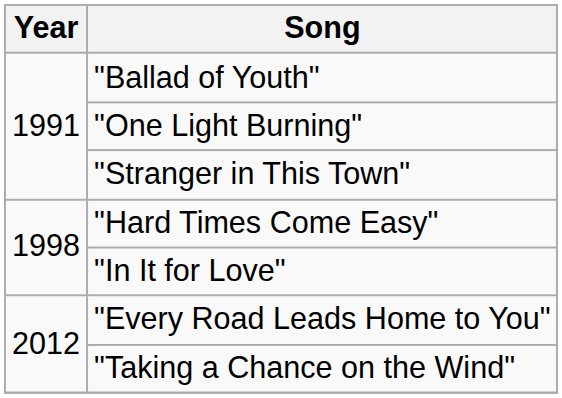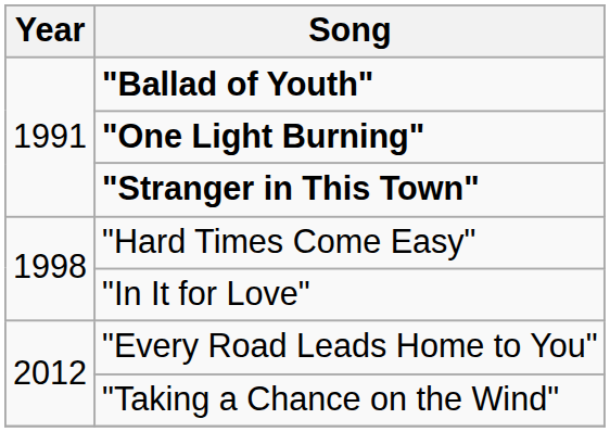 <table class="wikitable">
 <tr>
 <th>Year</th>
 <th>Song</th>
 </tr>
 <tr>
 <td rowspan="3">1991</td>
-<td>"Ballad of Youth"</td>
+<td><strong>"Ballad of Youth"</strong></td>
 </tr>
 <tr>
-<td>"One Light Burning"</td>
+<td><strong>"One Light Burning"</strong></td>
 </tr>
 <tr>
-<td>"Stranger in This Town"</td>
+<td><strong>"Stranger in This Town"</strong></td>
 </tr>
 <tr>
 <td rowspan="2">1998</td>
 <td>"Hard Times Come Easy"</td>
 </tr>
 <tr>
 <td>"In It for Love"</td>
 </tr>
 <tr>
 <td rowspan="2">2012</td>
 <td>"Every Road Leads Home to You"</td>
 </tr>
 <tr>
 <td>"Taking a Chance on the Wind"</td>
 </tr>
 <tr>
 </tr>
 </table>
